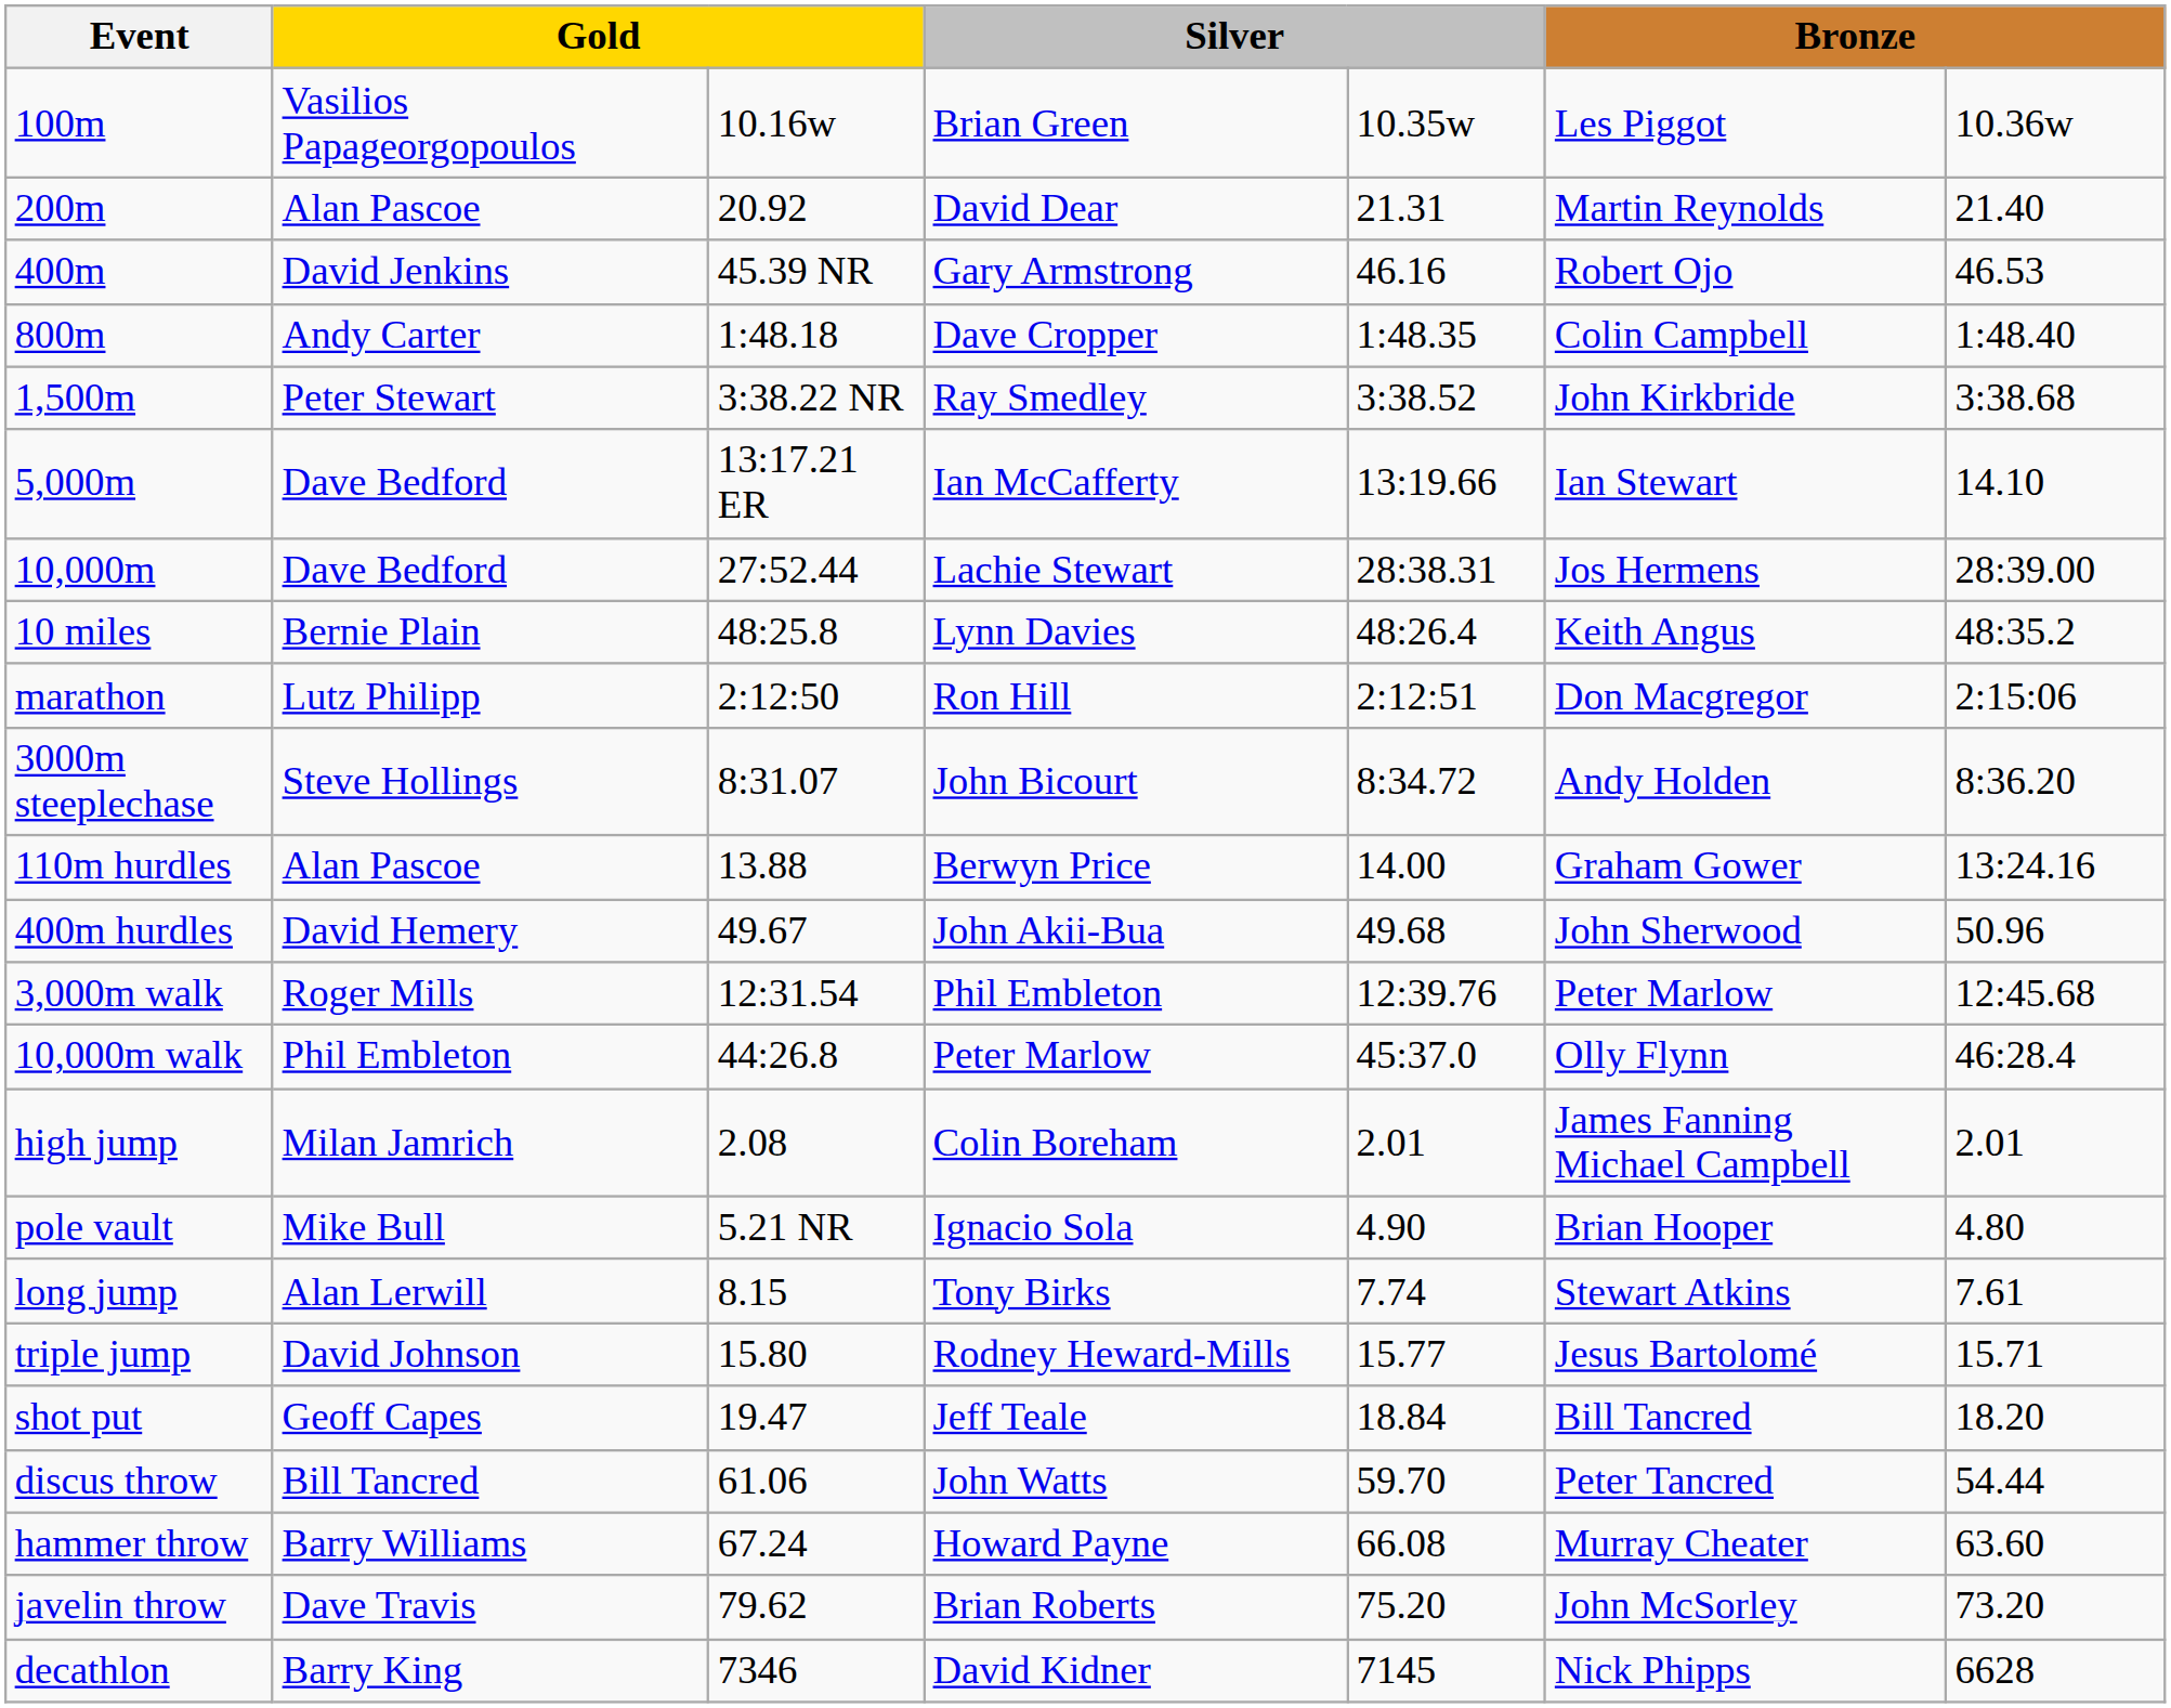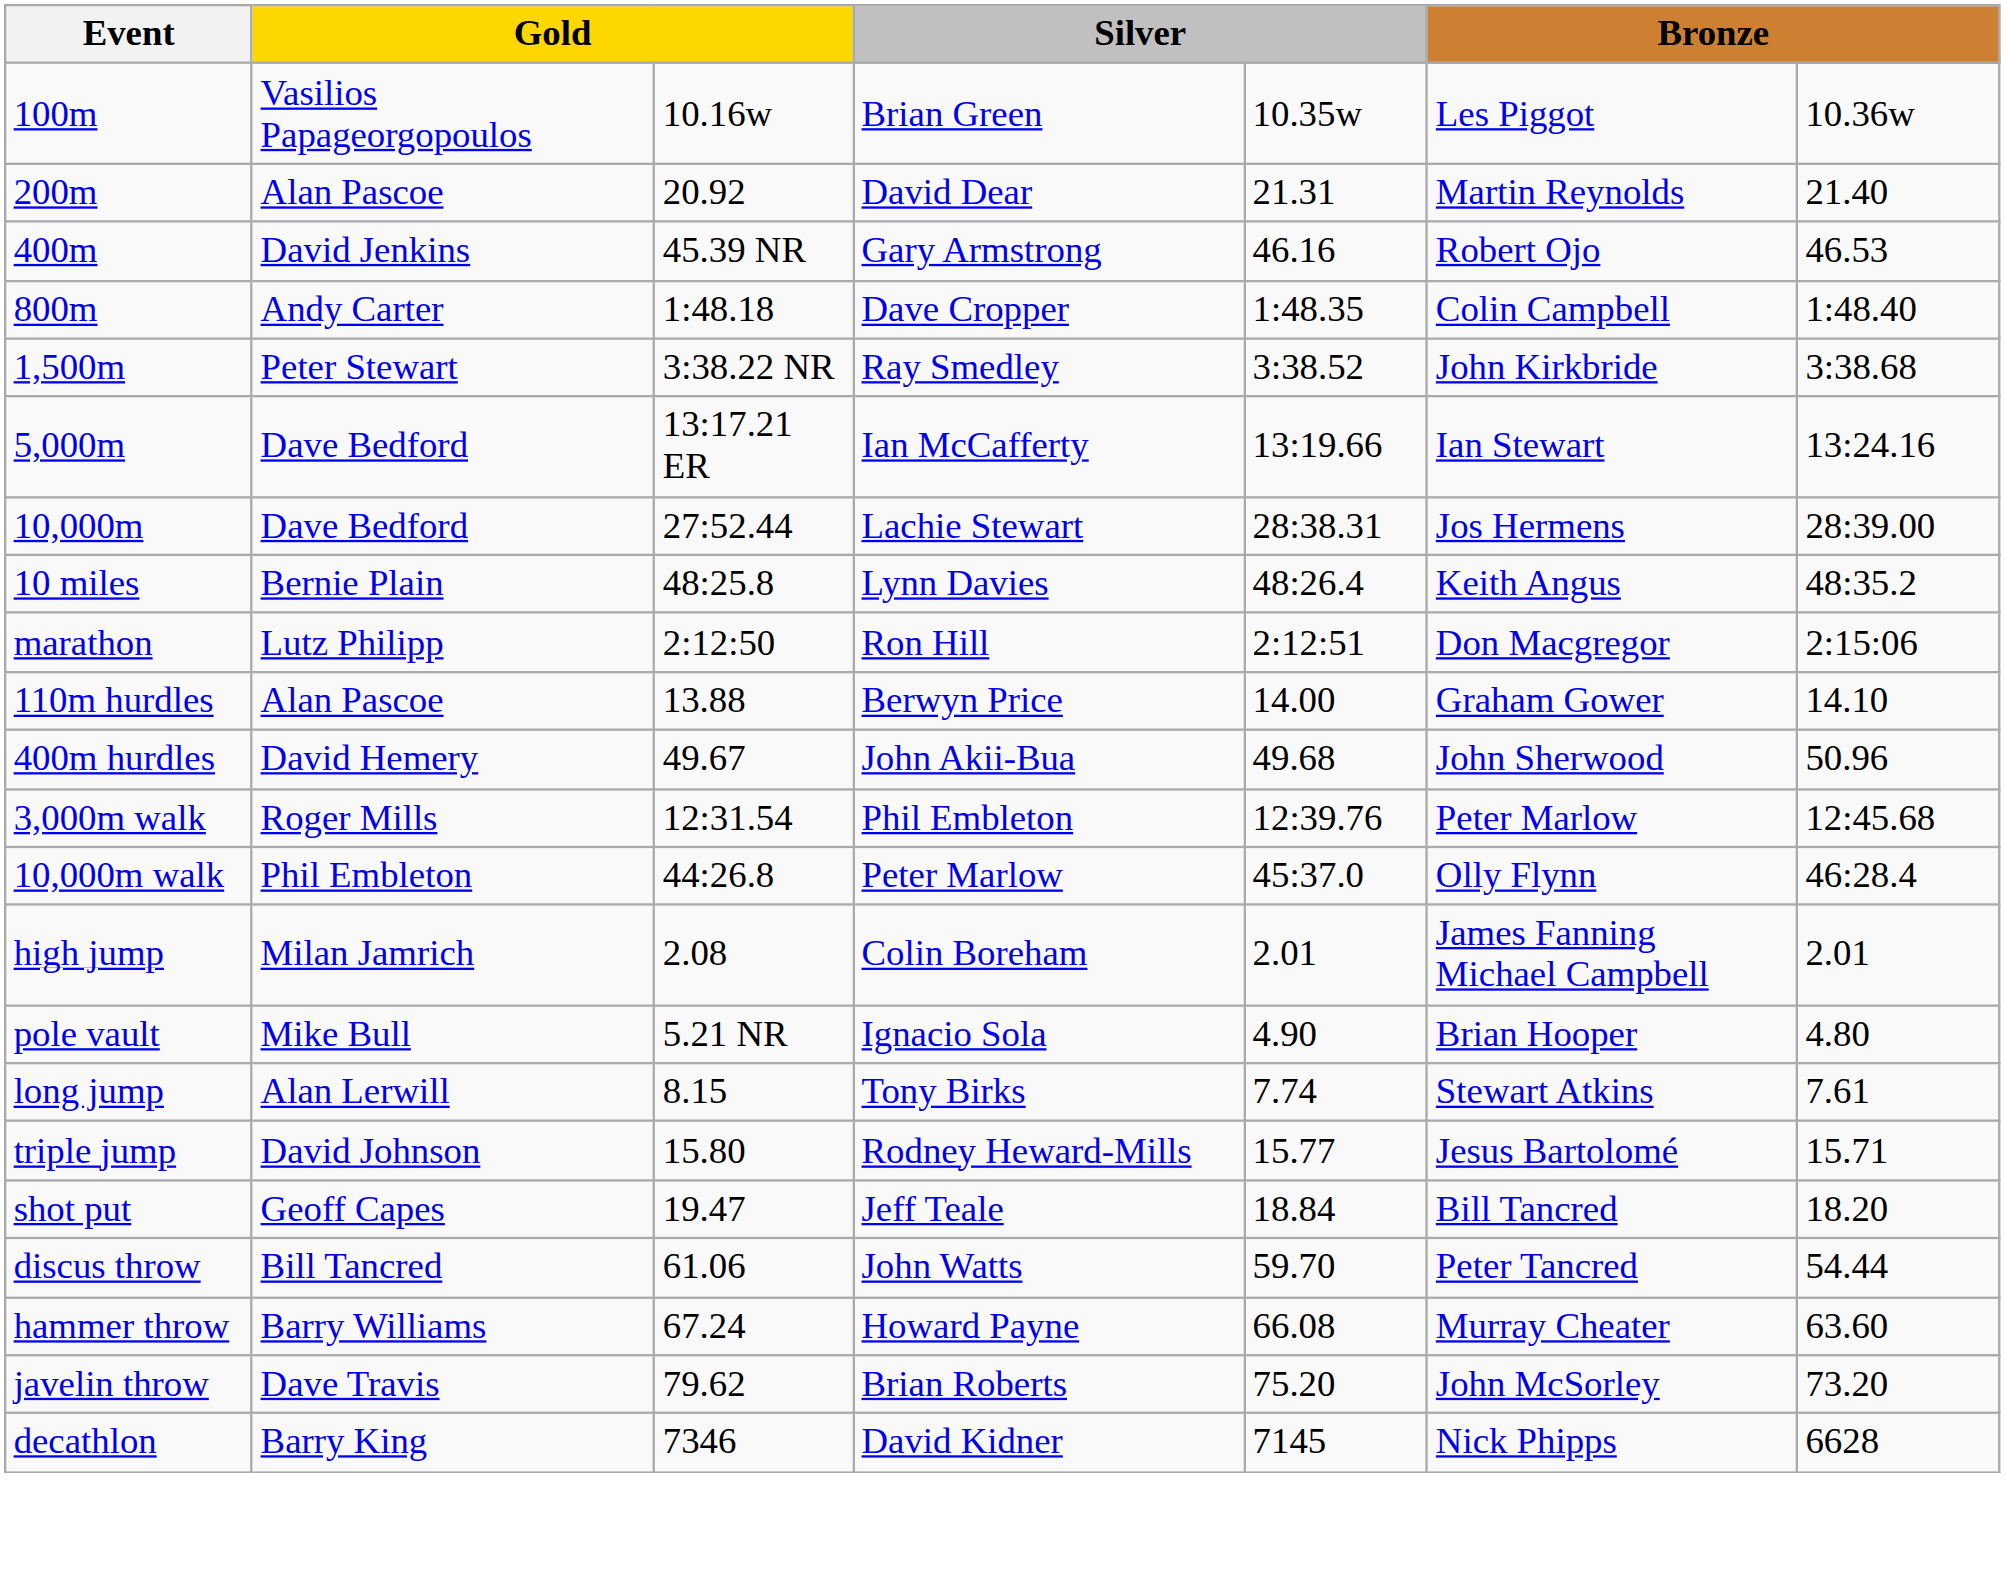 <table class="wikitable" style="text-align:left">
 <tr>
 <th width=100>Event</th>
 <th colspan="2" width="280" style="background:gold;">Gold</th>
 <th colspan="2" width="280" style="background:silver;">Silver</th>
 <th colspan="2" width="280" style="background:#CD7F32;">Bronze</th>
 </tr>
 <tr>
 <td><a href='#'>100m</a></td>
 <td> <a href='#'>Vasilios Papageorgopoulos</a></td>
 <td>10.16w</td>
 <td><a href='#'>Brian Green</a></td>
 <td>10.35w</td>
 <td> <a href='#'>Les Piggot</a></td>
 <td>10.36w</td>
 </tr>
 <tr>
 <td><a href='#'>200m</a></td>
 <td><a href='#'>Alan Pascoe</a></td>
 <td>20.92</td>
 <td><a href='#'>David Dear</a></td>
 <td>21.31</td>
 <td><a href='#'>Martin Reynolds</a></td>
 <td>21.40</td>
 </tr>
 <tr>
 <td><a href='#'>400m</a></td>
 <td> <a href='#'>David Jenkins</a></td>
 <td>45.39 NR</td>
 <td><a href='#'>Gary Armstrong</a></td>
 <td>46.16</td>
 <td> <a href='#'>Robert Ojo</a></td>
 <td>46.53</td>
 </tr>
 <tr>
 <td><a href='#'>800m</a></td>
 <td><a href='#'>Andy Carter</a></td>
 <td>1:48.18</td>
 <td><a href='#'>Dave Cropper</a></td>
 <td>1:48.35</td>
 <td><a href='#'>Colin Campbell</a></td>
 <td>1:48.40</td>
 </tr>
 <tr>
 <td><a href='#'>1,500m</a></td>
 <td> <a href='#'>Peter Stewart</a></td>
 <td>3:38.22 NR</td>
 <td><a href='#'>Ray Smedley</a></td>
 <td>3:38.52</td>
 <td><a href='#'>John Kirkbride</a></td>
 <td>3:38.68</td>
 </tr>
 <tr>
 <td><a href='#'>5,000m</a></td>
 <td><a href='#'>Dave Bedford</a></td>
 <td>13:17.21 ER</td>
 <td> <a href='#'>Ian McCafferty</a></td>
 <td>13:19.66</td>
 <td> <a href='#'>Ian Stewart</a></td>
-<td>14.10</td>
+<td>13:24.16</td>
 </tr>
 <tr>
 <td><a href='#'>10,000m</a></td>
 <td><a href='#'>Dave Bedford</a></td>
 <td>27:52.44</td>
 <td> <a href='#'>Lachie Stewart</a></td>
 <td>28:38.31</td>
 <td> <a href='#'>Jos Hermens</a></td>
 <td>28:39.00</td>
 </tr>
 <tr>
 <td><a href='#'>10 miles</a></td>
 <td><a href='#'>Bernie Plain</a></td>
 <td>48:25.8</td>
 <td> <a href='#'>Lynn Davies</a></td>
 <td>48:26.4</td>
 <td><a href='#'>Keith Angus</a></td>
 <td>48:35.2</td>
 </tr>
 <tr>
 <td><a href='#'>marathon</a></td>
 <td> <a href='#'>Lutz Philipp</a></td>
 <td>2:12:50</td>
 <td><a href='#'>Ron Hill</a></td>
 <td>2:12:51</td>
 <td> <a href='#'>Don Macgregor</a></td>
 <td>2:15:06</td>
 </tr>
 <tr>
-<td><a href='#'>3000m steeplechase</a></td>
-<td><a href='#'>Steve Hollings</a></td>
-<td>8:31.07</td>
-<td><a href='#'>John Bicourt</a></td>
-<td>8:34.72</td>
-<td><a href='#'>Andy Holden</a></td>
-<td>8:36.20</td>
-</tr>
-<tr>
 <td><a href='#'>110m hurdles</a></td>
 <td><a href='#'>Alan Pascoe</a></td>
 <td>13.88</td>
 <td><a href='#'>Berwyn Price</a></td>
 <td>14.00</td>
 <td><a href='#'>Graham Gower</a></td>
-<td>13:24.16</td>
+<td>14.10</td>
 </tr>
 <tr>
 <td><a href='#'>400m hurdles</a></td>
 <td><a href='#'>David Hemery</a></td>
 <td>49.67</td>
 <td> <a href='#'>John Akii-Bua</a></td>
 <td>49.68</td>
 <td><a href='#'>John Sherwood</a></td>
 <td>50.96</td>
 </tr>
 <tr>
 <td><a href='#'>3,000m walk</a></td>
 <td><a href='#'>Roger Mills</a></td>
 <td>12:31.54</td>
 <td><a href='#'>Phil Embleton</a></td>
 <td>12:39.76</td>
 <td><a href='#'>Peter Marlow</a></td>
 <td>12:45.68</td>
 </tr>
 <tr>
 <td><a href='#'>10,000m walk</a></td>
 <td><a href='#'>Phil Embleton</a></td>
 <td>44:26.8</td>
 <td><a href='#'>Peter Marlow</a></td>
 <td>45:37.0</td>
 <td><a href='#'>Olly Flynn</a></td>
 <td>46:28.4</td>
 </tr>
 <tr>
 <td><a href='#'>high jump</a></td>
 <td> <a href='#'>Milan Jamrich</a></td>
 <td>2.08</td>
 <td><a href='#'>Colin Boreham</a></td>
 <td>2.01</td>
 <td> <a href='#'>James Fanning</a><br><a href='#'>Michael Campbell</a></td>
 <td>2.01</td>
 </tr>
 <tr>
 <td><a href='#'>pole vault</a></td>
 <td><a href='#'>Mike Bull</a></td>
 <td>5.21 NR</td>
 <td> <a href='#'>Ignacio Sola</a></td>
 <td>4.90</td>
 <td><a href='#'>Brian Hooper</a></td>
 <td>4.80</td>
 </tr>
 <tr>
 <td><a href='#'>long jump</a></td>
 <td><a href='#'>Alan Lerwill</a></td>
 <td>8.15</td>
 <td><a href='#'>Tony Birks</a></td>
 <td>7.74</td>
 <td> <a href='#'>Stewart Atkins</a></td>
 <td>7.61</td>
 </tr>
 <tr>
 <td><a href='#'>triple jump</a></td>
 <td><a href='#'>David Johnson</a></td>
 <td>15.80</td>
 <td><a href='#'>Rodney Heward-Mills</a></td>
 <td>15.77</td>
 <td> <a href='#'>Jesus Bartolomé</a></td>
 <td>15.71</td>
 </tr>
 <tr>
 <td><a href='#'>shot put</a></td>
 <td><a href='#'>Geoff Capes</a></td>
 <td>19.47</td>
 <td><a href='#'>Jeff Teale</a></td>
 <td>18.84</td>
 <td><a href='#'>Bill Tancred</a></td>
 <td>18.20</td>
 </tr>
 <tr>
 <td><a href='#'>discus throw</a></td>
 <td><a href='#'>Bill Tancred</a></td>
 <td>61.06</td>
 <td><a href='#'>John Watts</a></td>
 <td>59.70</td>
 <td><a href='#'>Peter Tancred</a></td>
 <td>54.44</td>
 </tr>
 <tr>
 <td><a href='#'>hammer throw</a></td>
 <td><a href='#'>Barry Williams</a></td>
 <td>67.24</td>
 <td><a href='#'>Howard Payne</a></td>
 <td>66.08</td>
 <td> <a href='#'>Murray Cheater</a></td>
 <td>63.60</td>
 </tr>
 <tr>
 <td><a href='#'>javelin throw</a></td>
 <td><a href='#'>Dave Travis</a></td>
 <td>79.62</td>
 <td><a href='#'>Brian Roberts</a></td>
 <td>75.20</td>
 <td><a href='#'>John McSorley</a></td>
 <td>73.20</td>
 </tr>
 <tr>
 <td><a href='#'>decathlon</a></td>
 <td><a href='#'>Barry King</a></td>
 <td>7346</td>
 <td> <a href='#'>David Kidner</a></td>
 <td>7145</td>
 <td><a href='#'>Nick Phipps</a></td>
 <td>6628</td>
 </tr>
 </table>
